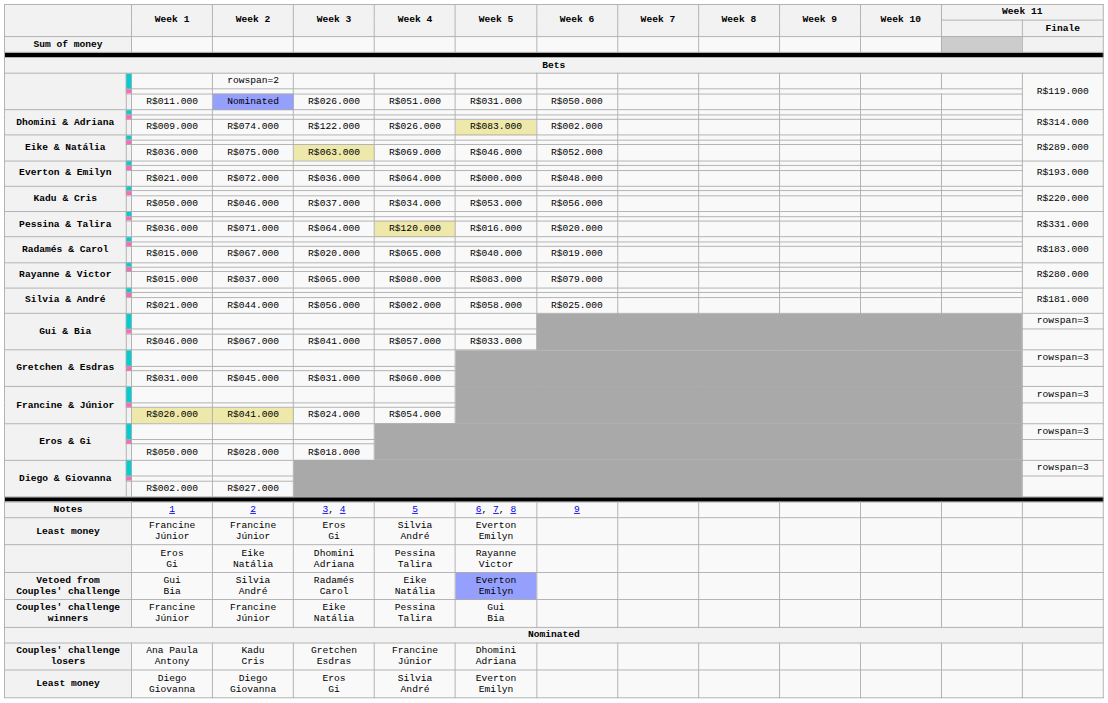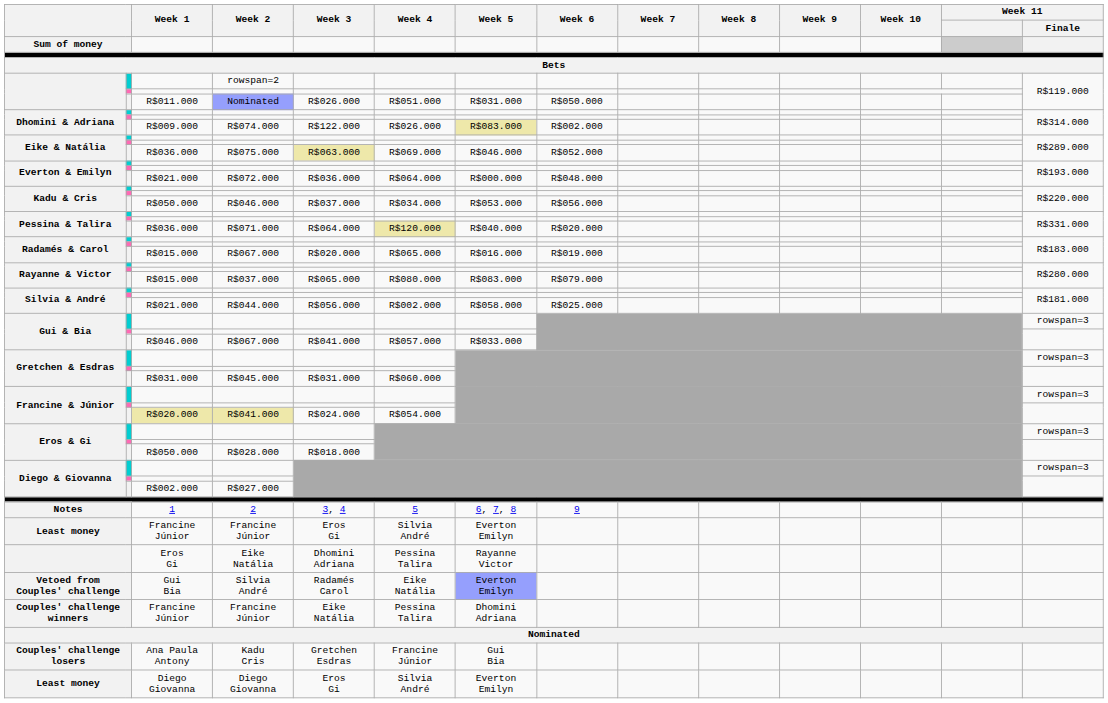 <table class="wikitable" style="text-align:center; font-size:85%; width:100%; line-height:13px;">
 <tr Green 39000>
 <th rowspan=2 width="11%" colspan=2></th>
 <th rowspan=2 width="07%">Week 1</th>
 <th rowspan=2 width="07%">Week 2</th>
 <th rowspan=2 width="07%">Week 3</th>
 <th rowspan=2 width="07%">Week 4</th>
 <th rowspan=2 width="07%">Week 5</th>
 <th rowspan=2 width="07%">Week 6</th>
 <th rowspan=2 width="07%">Week 7</th>
 <th rowspan=2 width="07%">Week 8</th>
 <th rowspan=2 width="07%">Week 9</th>
 <th rowspan=2 width="07%">Week 10</th>
 <th colspan=2 width="14%">Week 11</th>
 </tr>
 <tr>
 <th width="07%"></th>
 <th width="07%">Finale</th>
 </tr>
 <tr>
 <th colspan=2>Sum of money</th>
 <td></td>
 <td></td>
 <td></td>
 <td></td>
 <td></td>
 <td></td>
 <td></td>
 <td></td>
 <td></td>
 <td></td>
 <td bgcolor=CCCCCC></td>
 <th></th>
 </tr>
 <tr>
 <td colspan="14" bgcolor="000000"></td>
 </tr>
 <tr>
 <th colspan="14">Bets</th>
 </tr>
 <tr>
 <th rowspan=3></th>
 <td bgcolor=00CED1></td>
 <td></td>
 <td>rowspan=2 </td>
 <td></td>
 <td></td>
 <td></td>
 <td></td>
 <td></td>
 <td></td>
 <td></td>
 <td></td>
 <td></td>
 <td rowspan=3>R$119.000</td>
 </tr>
 <tr>
 <td bgcolor=FF69B4></td>
 <td></td>
 <td></td>
 <td></td>
 <td></td>
 <td></td>
 <td></td>
 <td></td>
 <td></td>
 <td></td>
 </tr>
 <tr>
 <th></th>
 <td>R$011.000</td>
 <td bgcolor=959FFD>Nominated</td>
 <td>R$026.000</td>
 <td>R$051.000</td>
 <td>R$031.000</td>
 <td>R$050.000</td>
 <td></td>
 <td></td>
 <td></td>
 <td></td>
 <td></td>
 </tr>
 <tr>
 <th rowspan=3>Dhomini & Adriana</th>
 <td bgcolor=00CED1></td>
 <td></td>
 <td></td>
 <td></td>
 <td></td>
 <td></td>
 <td></td>
 <td></td>
 <td></td>
 <td></td>
 <td></td>
 <td></td>
 <td rowspan=3>R$314.000</td>
 </tr>
 <tr>
 <td bgcolor=FF69B4></td>
 <td></td>
 <td></td>
 <td></td>
 <td></td>
 <td></td>
 <td></td>
 <td></td>
 <td></td>
 <td></td>
 <td></td>
 <td></td>
 </tr>
 <tr>
 <th></th>
 <td>R$009.000</td>
 <td>R$074.000</td>
 <td>R$122.000</td>
 <td>R$026.000</td>
 <td bgcolor=EEE8AA>R$083.000</td>
 <td>R$002.000</td>
 <td></td>
 <td></td>
 <td></td>
 <td></td>
 <td></td>
 </tr>
 <tr>
 <th rowspan=3>Eike & Natália</th>
 <td bgcolor=00CED1></td>
 <td></td>
 <td></td>
 <td></td>
 <td></td>
 <td></td>
 <td></td>
 <td></td>
 <td></td>
 <td></td>
 <td></td>
 <td></td>
 <td rowspan=3>R$289.000</td>
 </tr>
 <tr>
 <td bgcolor=FF69B4></td>
 <td></td>
 <td></td>
 <td></td>
 <td></td>
 <td></td>
 <td></td>
 <td></td>
 <td></td>
 <td></td>
 <td></td>
 <td></td>
 </tr>
 <tr>
 <th></th>
 <td>R$036.000</td>
 <td>R$075.000</td>
 <td bgcolor=EEE8AA>R$063.000</td>
 <td>R$069.000</td>
 <td>R$046.000</td>
 <td>R$052.000</td>
 <td></td>
 <td></td>
 <td></td>
 <td></td>
 <td></td>
 </tr>
 <tr>
 <th rowspan=3>Everton & Emilyn</th>
 <td bgcolor=00CED1></td>
 <td></td>
 <td></td>
 <td></td>
 <td></td>
 <td></td>
 <td></td>
 <td></td>
 <td></td>
 <td></td>
 <td></td>
 <td></td>
 <td rowspan=3>R$193.000</td>
 </tr>
 <tr>
 <td bgcolor=FF69B4></td>
 <td></td>
 <td></td>
 <td></td>
 <td></td>
 <td></td>
 <td></td>
 <td></td>
 <td></td>
 <td></td>
 <td></td>
 <td></td>
 </tr>
 <tr>
 <th></th>
 <td>R$021.000</td>
 <td>R$072.000</td>
 <td>R$036.000</td>
 <td>R$064.000</td>
 <td>R$000.000</td>
 <td>R$048.000</td>
 <td></td>
 <td></td>
 <td></td>
 <td></td>
 <td></td>
 </tr>
 <tr>
 <th rowspan=3>Kadu & Cris</th>
 <td bgcolor=00CED1></td>
 <td></td>
 <td></td>
 <td></td>
 <td></td>
 <td></td>
 <td></td>
 <td></td>
 <td></td>
 <td></td>
 <td></td>
 <td></td>
 <td rowspan=3>R$220.000</td>
 </tr>
 <tr>
 <td bgcolor=FF69B4></td>
 <td></td>
 <td></td>
 <td></td>
 <td></td>
 <td></td>
 <td></td>
 <td></td>
 <td></td>
 <td></td>
 <td></td>
 </tr>
 <tr>
 <th></th>
 <td>R$050.000</td>
 <td>R$046.000</td>
 <td>R$037.000</td>
 <td>R$034.000</td>
 <td>R$053.000</td>
 <td>R$056.000</td>
 <td></td>
 <td></td>
 <td></td>
 <td></td>
 <td></td>
 </tr>
 <tr>
 <th rowspan=3>Pessina & Talira</th>
 <td bgcolor=00CED1></td>
 <td></td>
 <td></td>
 <td></td>
 <td></td>
 <td></td>
 <td></td>
 <td></td>
 <td></td>
 <td></td>
 <td></td>
 <td></td>
 <td rowspan=3>R$331.000</td>
 </tr>
 <tr>
 <td bgcolor=FF69B4></td>
 <td></td>
 <td></td>
 <td></td>
 <td></td>
 <td></td>
 <td></td>
 <td></td>
 <td></td>
 <td></td>
 <td></td>
 </tr>
 <tr>
 <th></th>
 <td>R$036.000</td>
 <td>R$071.000</td>
 <td>R$064.000</td>
 <td bgcolor=EEE8AA>R$120.000</td>
-<td>R$016.000</td>
+<td>R$040.000</td>
 <td>R$020.000</td>
 <td></td>
 <td></td>
 <td></td>
 <td></td>
 <td></td>
 </tr>
 <tr>
 <th rowspan=3>Radamés & Carol</th>
 <td bgcolor=00CED1></td>
 <td></td>
 <td></td>
 <td></td>
 <td></td>
 <td></td>
 <td></td>
 <td></td>
 <td></td>
 <td></td>
 <td></td>
 <td></td>
 <td rowspan=3>R$183.000</td>
 </tr>
 <tr>
 <td bgcolor=FF69B4></td>
 <td></td>
 <td></td>
 <td></td>
 <td></td>
 <td></td>
 <td></td>
 <td></td>
 <td></td>
 <td></td>
 <td></td>
 <td></td>
 </tr>
 <tr>
 <th></th>
 <td>R$015.000</td>
 <td>R$067.000</td>
 <td>R$020.000</td>
 <td>R$065.000</td>
-<td>R$040.000</td>
+<td>R$016.000</td>
 <td>R$019.000</td>
 <td></td>
 <td></td>
 <td></td>
 <td></td>
 </tr>
 <tr>
 <th rowspan=3>Rayanne & Victor</th>
 <td bgcolor=00CED1></td>
 <td></td>
 <td></td>
 <td></td>
 <td></td>
 <td></td>
 <td></td>
 <td></td>
 <td></td>
 <td></td>
 <td></td>
 <td></td>
 <td rowspan=3>R$280.000</td>
 </tr>
 <tr>
 <td bgcolor=FF69B4></td>
 <td></td>
 <td></td>
 <td></td>
 <td></td>
 <td></td>
 <td></td>
 <td></td>
 <td></td>
 <td></td>
 <td></td>
 </tr>
 <tr>
 <th></th>
 <td>R$015.000</td>
 <td>R$037.000</td>
 <td>R$065.000</td>
 <td>R$080.000</td>
 <td>R$083.000</td>
 <td>R$079.000</td>
 <td></td>
 <td></td>
 <td></td>
 <td></td>
 <td></td>
 </tr>
 <tr>
 <th rowspan=3>Silvia & André</th>
 <td bgcolor=00CED1></td>
 <td></td>
 <td></td>
 <td></td>
 <td></td>
 <td></td>
 <td></td>
 <td></td>
 <td></td>
 <td></td>
 <td></td>
 <td></td>
 <td rowspan=3>R$181.000</td>
 </tr>
 <tr>
 <td bgcolor=FF69B4></td>
 <td></td>
 <td></td>
 <td></td>
 <td></td>
 <td></td>
 <td></td>
 <td></td>
 <td></td>
 <td></td>
 <td></td>
 </tr>
 <tr>
 <th></th>
 <td>R$021.000</td>
 <td>R$044.000</td>
 <td>R$056.000</td>
 <td>R$002.000</td>
 <td>R$058.000</td>
 <td>R$025.000</td>
 <td></td>
 <td></td>
 <td></td>
 <td></td>
 <td></td>
 </tr>
 <tr>
 <th rowspan=3>Gui & Bia</th>
 <td bgcolor=00CED1></td>
 <td></td>
 <td></td>
 <td></td>
 <td></td>
 <td></td>
 <td colspan=6 rowspan=3 bgcolor=A9A9A9></td>
 <td>rowspan=3 </td>
 </tr>
 <tr>
 <td bgcolor=FF69B4></td>
 <td></td>
 <td></td>
 <td></td>
 <td></td>
 <td></td>
 </tr>
 <tr>
 <th></th>
 <td>R$046.000</td>
 <td>R$067.000</td>
 <td>R$041.000</td>
 <td>R$057.000</td>
 <td>R$033.000</td>
 </tr>
 <tr>
 <th rowspan=3>Gretchen & Esdras</th>
 <td bgcolor=00CED1></td>
 <td></td>
 <td></td>
 <td></td>
 <td></td>
 <td colspan=7 rowspan=3 bgcolor=A9A9A9></td>
 <td>rowspan=3 </td>
 </tr>
 <tr>
 <td bgcolor=FF69B4></td>
 <td></td>
 <td></td>
 <td></td>
 <td></td>
 </tr>
 <tr>
 <th></th>
 <td>R$031.000</td>
 <td>R$045.000</td>
 <td>R$031.000</td>
 <td>R$060.000</td>
 </tr>
 <tr>
 <th rowspan=3>Francine & Júnior</th>
 <td bgcolor=00CED1></td>
 <td></td>
 <td></td>
 <td></td>
 <td></td>
 <td colspan=7 rowspan=3 bgcolor=A9A9A9></td>
 <td>rowspan=3 </td>
 </tr>
 <tr>
 <td bgcolor=FF69B4></td>
 <td></td>
 <td></td>
 <td></td>
 <td></td>
 </tr>
 <tr>
 <th></th>
 <td bgcolor=EEE8AA>R$020.000</td>
 <td bgcolor=EEE8AA>R$041.000</td>
 <td>R$024.000</td>
 <td>R$054.000</td>
 </tr>
 <tr>
 <th rowspan=3>Eros & Gi</th>
 <td bgcolor=00CED1></td>
 <td></td>
 <td></td>
 <td></td>
 <td colspan=8 rowspan=3 bgcolor=A9A9A9></td>
 <td>rowspan=3 </td>
 </tr>
 <tr>
 <td bgcolor=FF69B4></td>
 <td></td>
 <td></td>
 <td></td>
 </tr>
 <tr>
 <th></th>
 <td>R$050.000</td>
 <td>R$028.000</td>
 <td>R$018.000</td>
 </tr>
 <tr>
 <th rowspan=3>Diego & Giovanna</th>
 <td bgcolor=00CED1></td>
 <td></td>
 <td></td>
 <td colspan=9 rowspan=3 bgcolor=A9A9A9></td>
 <td>rowspan=3 </td>
 </tr>
 <tr>
 <td bgcolor=FF69B4></td>
 <td></td>
 <td></td>
 </tr>
 <tr>
 <th></th>
 <td>R$002.000</td>
 <td>R$027.000</td>
 </tr>
 <tr>
 <td colspan="14" bgcolor="000000"></td>
 </tr>
 <tr>
 <th colspan=2>Notes</th>
 <td><a href='#'>1</a></td>
 <td><a href='#'>2</a></td>
 <td><a href='#'>3</a>, <a href='#'>4</a></td>
 <td><a href='#'>5</a></td>
 <td><a href='#'>6</a>, <a href='#'>7</a>, <a href='#'>8</a></td>
 <td><a href='#'>9</a></td>
 <td></td>
 <td></td>
 <td></td>
 <td></td>
 <td></td>
 <td></td>
 </tr>
 <tr>
 <th colspan=2>Least money<br></th>
 <td>Francine<br>Júnior</td>
 <td>Francine<br>Júnior</td>
 <td>Eros<br>Gi</td>
 <td>Silvia<br>André</td>
 <td>Everton<br>Emilyn</td>
 <td></td>
 <td></td>
 <td></td>
 <td></td>
 <td></td>
 <td></td>
 <td></td>
 </tr>
 <tr>
 <th colspan=2></th>
 <td>Eros<br>Gi</td>
 <td>Eike<br>Natália</td>
 <td>Dhomini<br>Adriana</td>
 <td>Pessina<br>Talira</td>
 <td>Rayanne<br>Victor</td>
 <td></td>
 <td></td>
 <td></td>
 <td></td>
 <td></td>
 <td></td>
 <td></td>
 </tr>
 <tr>
 <th colspan=2>Vetoed from<br>Couples' challenge</th>
 <td>Gui<br>Bia</td>
 <td>Silvia<br>André</td>
 <td>Radamés<br>Carol</td>
 <td>Eike<br>Natália</td>
 <td bgcolor="959FFD">Everton<br>Emilyn</td>
 <td></td>
 <td></td>
 <td></td>
 <td></td>
 <td></td>
 <td></td>
 <td></td>
 </tr>
 <tr>
 <th colspan=2>Couples' challenge<br>winners</th>
 <td>Francine<br>Júnior</td>
 <td>Francine<br>Júnior</td>
 <td>Eike<br>Natália</td>
 <td>Pessina<br>Talira</td>
-<td>Gui<br>Bia</td>
+<td>Dhomini<br>Adriana</td>
 <td></td>
 <td></td>
 <td></td>
 <td></td>
 <td></td>
 <td></td>
 <td></td>
 </tr>
 <tr>
 <th colspan="14">Nominated </th>
 </tr>
 <tr>
 <th colspan=2>Couples' challenge<br>losers</th>
 <td>Ana Paula<br>Antony</td>
 <td>Kadu<br>Cris</td>
 <td>Gretchen<br>Esdras</td>
 <td>Francine<br>Júnior</td>
-<td>Dhomini<br>Adriana</td>
+<td>Gui<br>Bia</td>
 <td></td>
 <td></td>
 <td></td>
 <td></td>
 <td></td>
 <td></td>
 <td></td>
 </tr>
 <tr>
 <th colspan=2>Least money<br></th>
 <td>Diego<br>Giovanna</td>
 <td>Diego<br>Giovanna</td>
 <td>Eros<br>Gi</td>
 <td>Silvia<br>André</td>
 <td>Everton<br>Emilyn</td>
 <td></td>
 <td></td>
 <td></td>
 <td></td>
 <td></td>
 <td></td>
 <td></td>
 </tr>
 </table>
